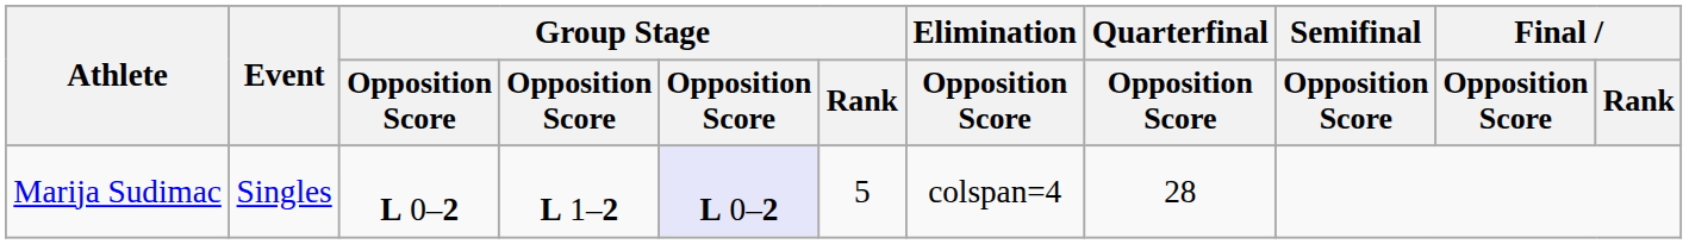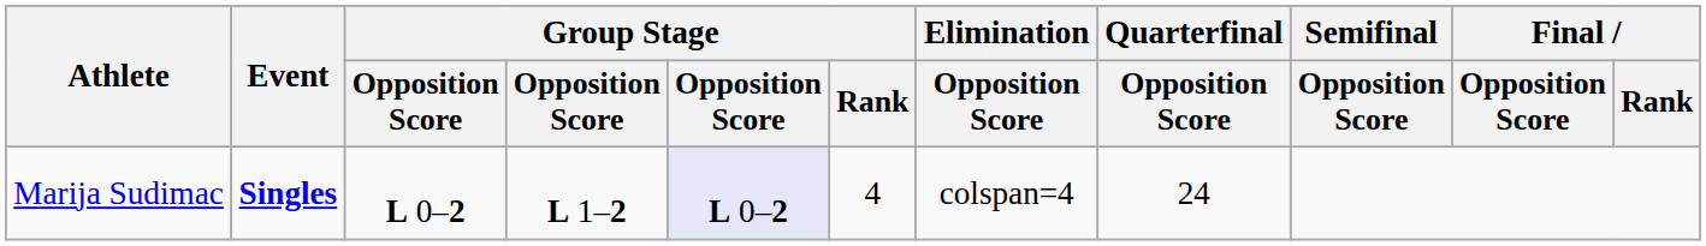 <table class="wikitable" style="font-size:90%">
 <tr>
 <th rowspan=2>Athlete</th>
 <th rowspan=2>Event</th>
 <th colspan=4>Group Stage</th>
 <th>Elimination</th>
 <th>Quarterfinal</th>
 <th>Semifinal</th>
 <th colspan=2>Final / </th>
 </tr>
 <tr style="font-size:95%">
 <th>Opposition<br>Score</th>
 <th>Opposition<br>Score</th>
 <th>Opposition<br>Score</th>
 <th>Rank</th>
 <th>Opposition<br>Score</th>
 <th>Opposition<br>Score</th>
 <th>Opposition<br>Score</th>
 <th>Opposition<br>Score</th>
 <th>Rank</th>
 </tr>
 <tr align=center>
 <td align=left><a href='#'>Marija Sudimac</a></td>
-<td align=left><a href='#'>Singles</a></td>
+<td align=left><strong><a href='#'>Singles</a></strong></td>
 <td><br><strong>L</strong> 0–<strong>2</strong></td>
 <td><br><strong>L</strong> 1–<strong>2</strong></td>
 <td style="background: lavender;"><br><strong>L</strong> 0–<strong>2</strong></td>
-<td>5</td>
+<td>4</td>
 <td>colspan=4 </td>
-<td>28</td>
+<td>24</td>
 </tr>
 </table>
